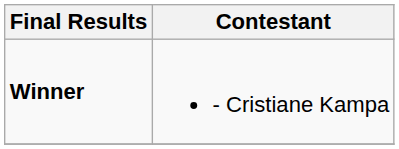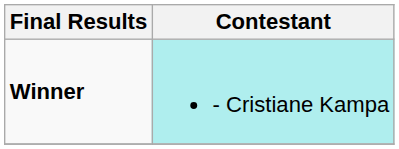 <table class="wikitable">
 <tr>
 <th>Final Results</th>
 <th>Contestant</th>
 </tr>
 <tr>
 <td><strong>Winner</strong></td>
-<td><br><ul><li><strong></strong> - Cristiane Kampa</li></ul></td>
+<td style="background: paleturquoise;"><br><ul><li><strong></strong> - Cristiane Kampa</li></ul></td>
 </tr>
 <tr>
 </tr>
 </table>
